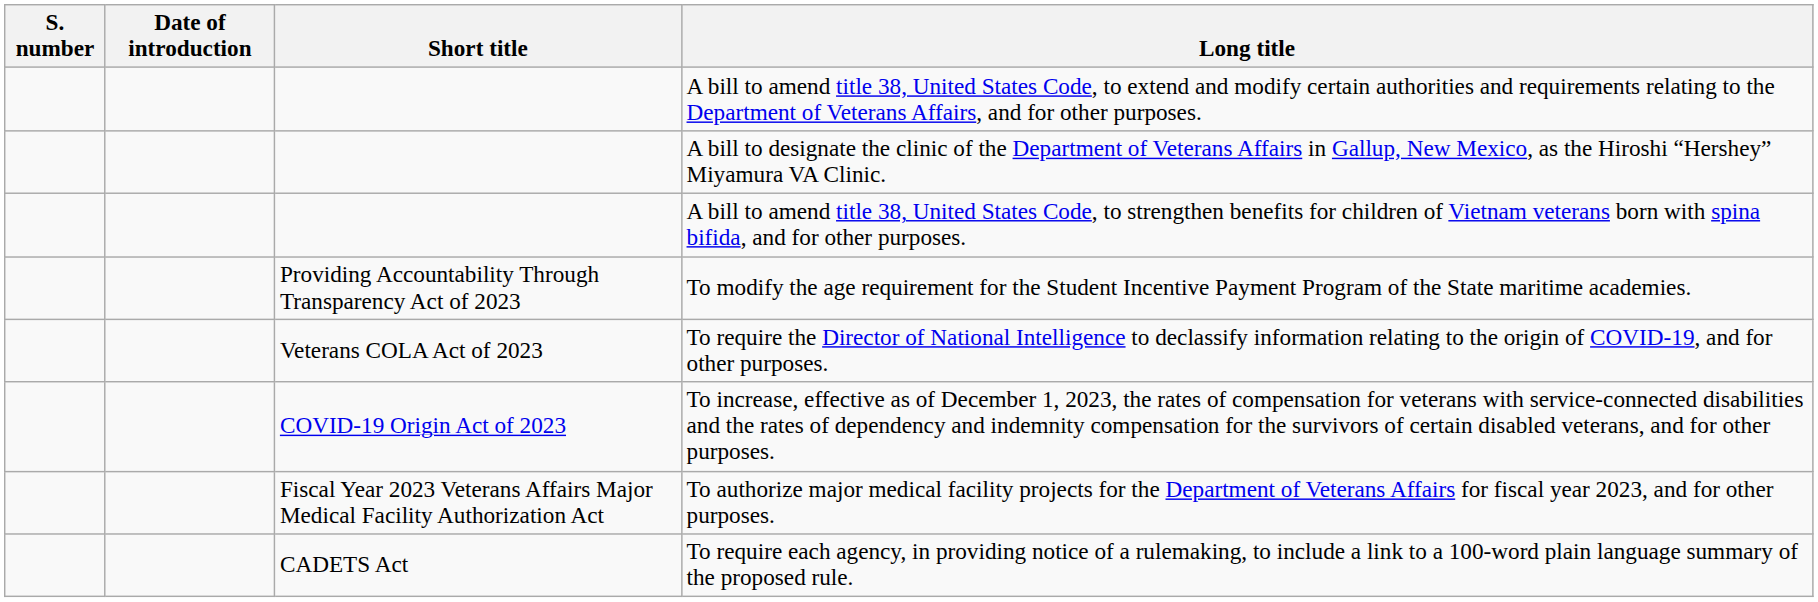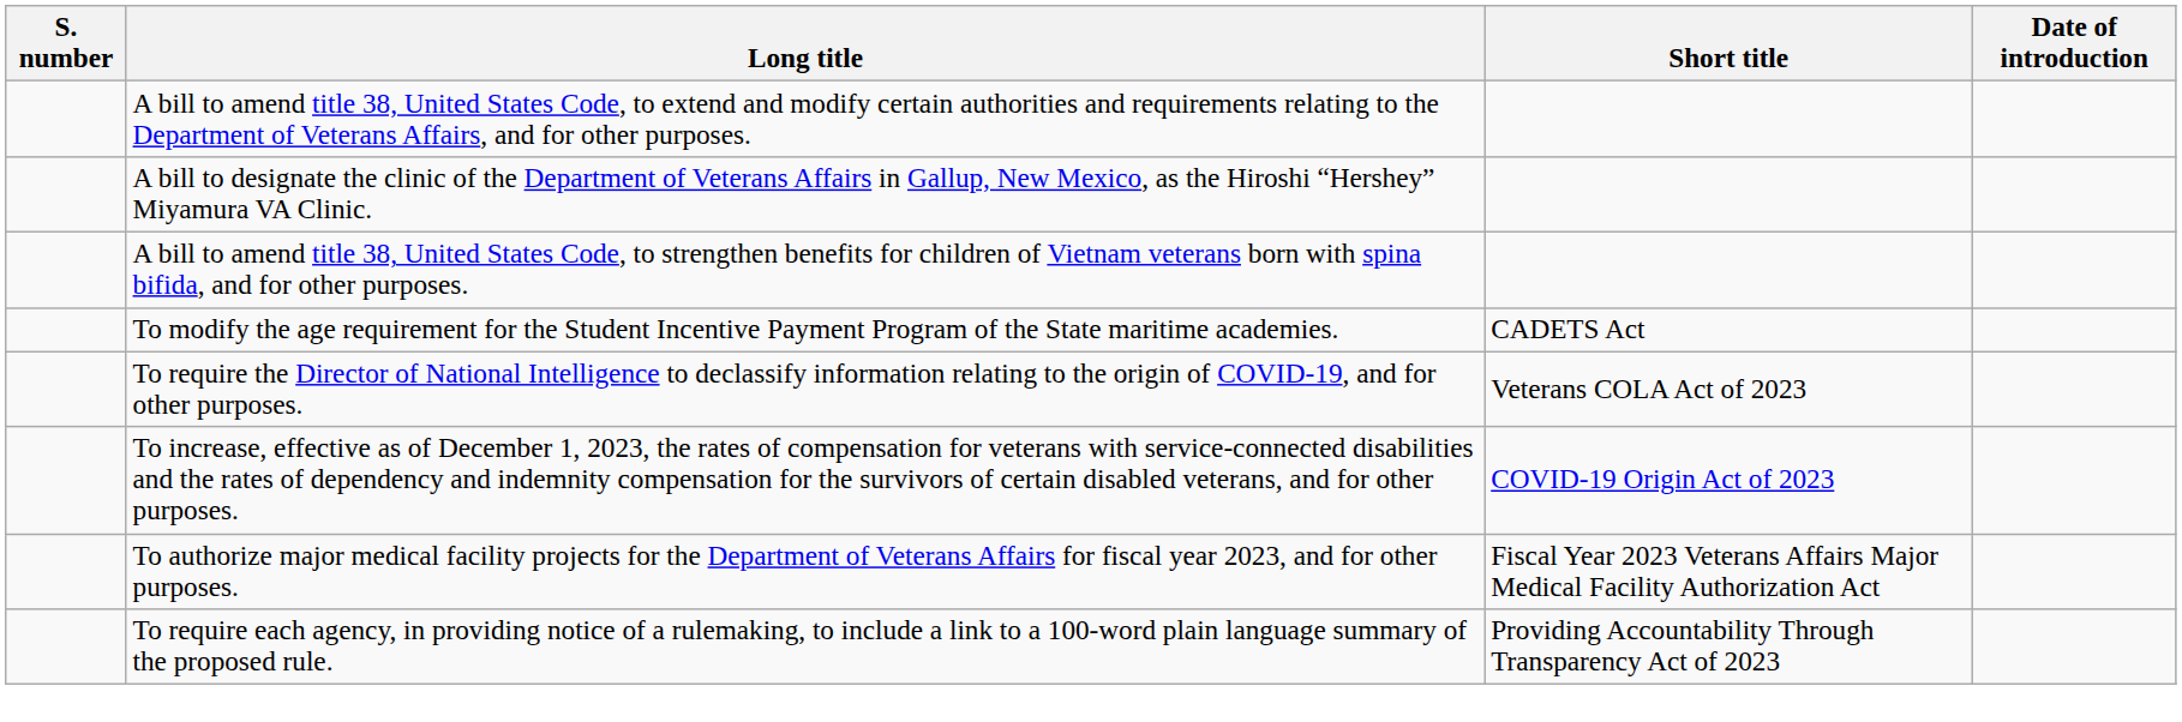 <table class="wikitable">
 <tr valign="bottom">
 <th>S. number</th>
+<th>Long title</th>
+<th>Short title</th>
 <th>Date of introduction</th>
-<th>Short title</th>
-<th>Long title</th>
 </tr>
 <tr>
 <td></td>
+<td>A bill to amend <a href='#'>title 38, United States Code</a>, to extend and modify certain authorities and requirements relating to the <a href='#'>Department of Veterans Affairs</a>, and for other purposes.</td>
 <td></td>
 <td></td>
-<td>A bill to amend <a href='#'>title 38, United States Code</a>, to extend and modify certain authorities and requirements relating to the <a href='#'>Department of Veterans Affairs</a>, and for other purposes.</td>
 </tr>
 <tr>
 <td></td>
+<td>A bill to designate the clinic of the <a href='#'>Department of Veterans Affairs</a> in <a href='#'>Gallup, New Mexico</a>, as the Hiroshi “Hershey” Miyamura VA Clinic.</td>
 <td></td>
 <td></td>
-<td>A bill to designate the clinic of the <a href='#'>Department of Veterans Affairs</a> in <a href='#'>Gallup, New Mexico</a>, as the Hiroshi “Hershey” Miyamura VA Clinic.</td>
 </tr>
 <tr>
 <td></td>
+<td>A bill to amend <a href='#'>title 38, United States Code</a>, to strengthen benefits for children of <a href='#'>Vietnam veterans</a> born with <a href='#'>spina bifida</a>, and for other purposes.</td>
 <td></td>
 <td></td>
-<td>A bill to amend <a href='#'>title 38, United States Code</a>, to strengthen benefits for children of <a href='#'>Vietnam veterans</a> born with <a href='#'>spina bifida</a>, and for other purposes.</td>
 </tr>
 <tr>
 <td></td>
+<td>To modify the age requirement for the Student Incentive Payment Program of the State maritime academies.</td>
+<td>CADETS Act</td>
 <td></td>
-<td>Providing Accountability Through Transparency Act of 2023</td>
-<td>To modify the age requirement for the Student Incentive Payment Program of the State maritime academies.</td>
 </tr>
 <tr>
 <td></td>
+<td>To require the <a href='#'>Director of National Intelligence</a> to declassify information relating to the origin of <a href='#'>COVID-19</a>, and for other purposes.</td>
+<td>Veterans COLA Act of 2023</td>
 <td></td>
-<td>Veterans COLA Act of 2023</td>
-<td>To require the <a href='#'>Director of National Intelligence</a> to declassify information relating to the origin of <a href='#'>COVID-19</a>, and for other purposes.</td>
 </tr>
 <tr>
 <td></td>
+<td>To increase, effective as of December 1, 2023, the rates of compensation for veterans with service-connected disabilities and the rates of dependency and indemnity compensation for the survivors of certain disabled veterans, and for other purposes.</td>
+<td><a href='#'>COVID-19 Origin Act of 2023</a></td>
 <td></td>
-<td><a href='#'>COVID-19 Origin Act of 2023</a></td>
-<td>To increase, effective as of December 1, 2023, the rates of compensation for veterans with service-connected disabilities and the rates of dependency and indemnity compensation for the survivors of certain disabled veterans, and for other purposes.</td>
 </tr>
 <tr>
 <td></td>
+<td>To authorize major medical facility projects for the <a href='#'>Department of Veterans Affairs</a> for fiscal year 2023, and for other purposes.</td>
+<td>Fiscal Year 2023 Veterans Affairs Major Medical Facility Authorization Act</td>
 <td></td>
-<td>Fiscal Year 2023 Veterans Affairs Major Medical Facility Authorization Act</td>
-<td>To authorize major medical facility projects for the <a href='#'>Department of Veterans Affairs</a> for fiscal year 2023, and for other purposes.</td>
 </tr>
 <tr>
 <td></td>
+<td>To require each agency, in providing notice of a rulemaking, to include a link to a 100-word plain language summary of the proposed rule.</td>
+<td>Providing Accountability Through Transparency Act of 2023</td>
 <td></td>
-<td>CADETS Act</td>
-<td>To require each agency, in providing notice of a rulemaking, to include a link to a 100-word plain language summary of the proposed rule.</td>
 </tr>
 </table>
